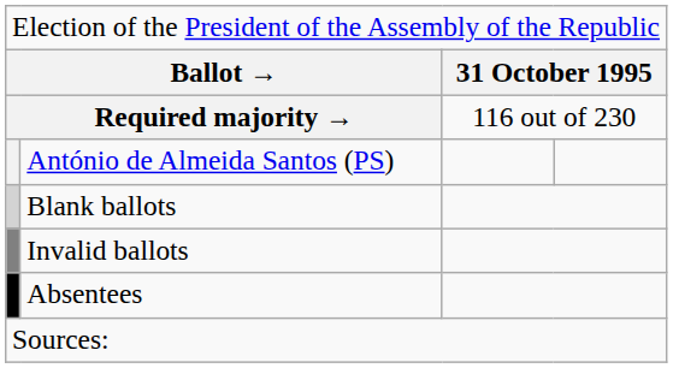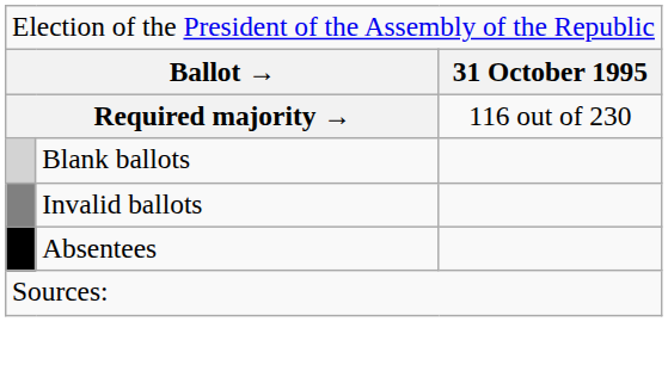 <table class="wikitable" style="text-align:center;">
 <tr>
 <td colspan="4" align="center">Election of the <a href='#'>President of the Assembly of the Republic</a></td>
 </tr>
 <tr>
 <th colspan="2" width="225px">Ballot →</th>
 <th colspan="2">31 October 1995</th>
 </tr>
 <tr>
 <th colspan="2">Required majority →</th>
 <td colspan="2">116 out of 230</td>
-</tr>
-<tr>
-<th width="1px" style="background:"></th>
-<td align="left"><a href='#'>António de Almeida Santos</a> (<a href='#'>PS</a>)</td>
-<td></td>
-<td></td>
 </tr>
 <tr>
 <th style="background:lightgray;"></th>
 <td align="left">Blank ballots</td>
 <td colspan="2"></td>
 </tr>
 <tr>
 <th style="background:gray;"></th>
 <td align="left">Invalid ballots</td>
 <td colspan="2"></td>
 </tr>
 <tr>
 <th style="background:black;"></th>
 <td align="left">Absentees</td>
 <td colspan="2"></td>
 </tr>
 <tr>
 <td align="left" colspan="4">Sources:</td>
 </tr>
 </table>
